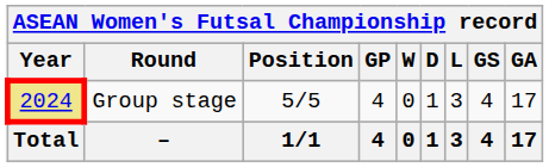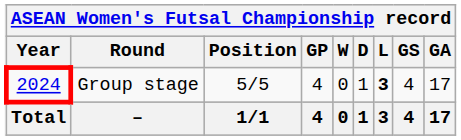 <table class="wikitable" style="text-align: center;font-size:90%;">
 <tr>
 <th colspan=9><a href='#'>ASEAN Women's Futsal Championship</a> record</th>
 </tr>
 <tr>
 <th>Year</th>
 <th>Round</th>
 <th>Position</th>
 <th>GP</th>
 <th>W</th>
 <th>D</th>
 <th>L</th>
 <th>GS</th>
 <th>GA</th>
 </tr>
 <tr>
-<td style="background: khaki; border: 3px solid red"> <a href='#'>2024</a></td>
+<td style="border: 3px solid red"> <a href='#'>2024</a></td>
 <td>Group stage</td>
 <td>5/5</td>
 <td>4</td>
 <td>0</td>
 <td>1</td>
-<td>3</td>
+<td><strong>3</strong></td>
 <td>4</td>
 <td>17</td>
 </tr>
 <tr>
 <th><strong>Total</strong></th>
 <th>–</th>
 <th><strong>1/1</strong></th>
 <th><strong>4</strong></th>
 <th><strong>0</strong></th>
 <th><strong>1</strong></th>
 <th><strong>3</strong></th>
 <th><strong>4</strong></th>
 <th><strong>17</strong></th>
 </tr>
 </table>
